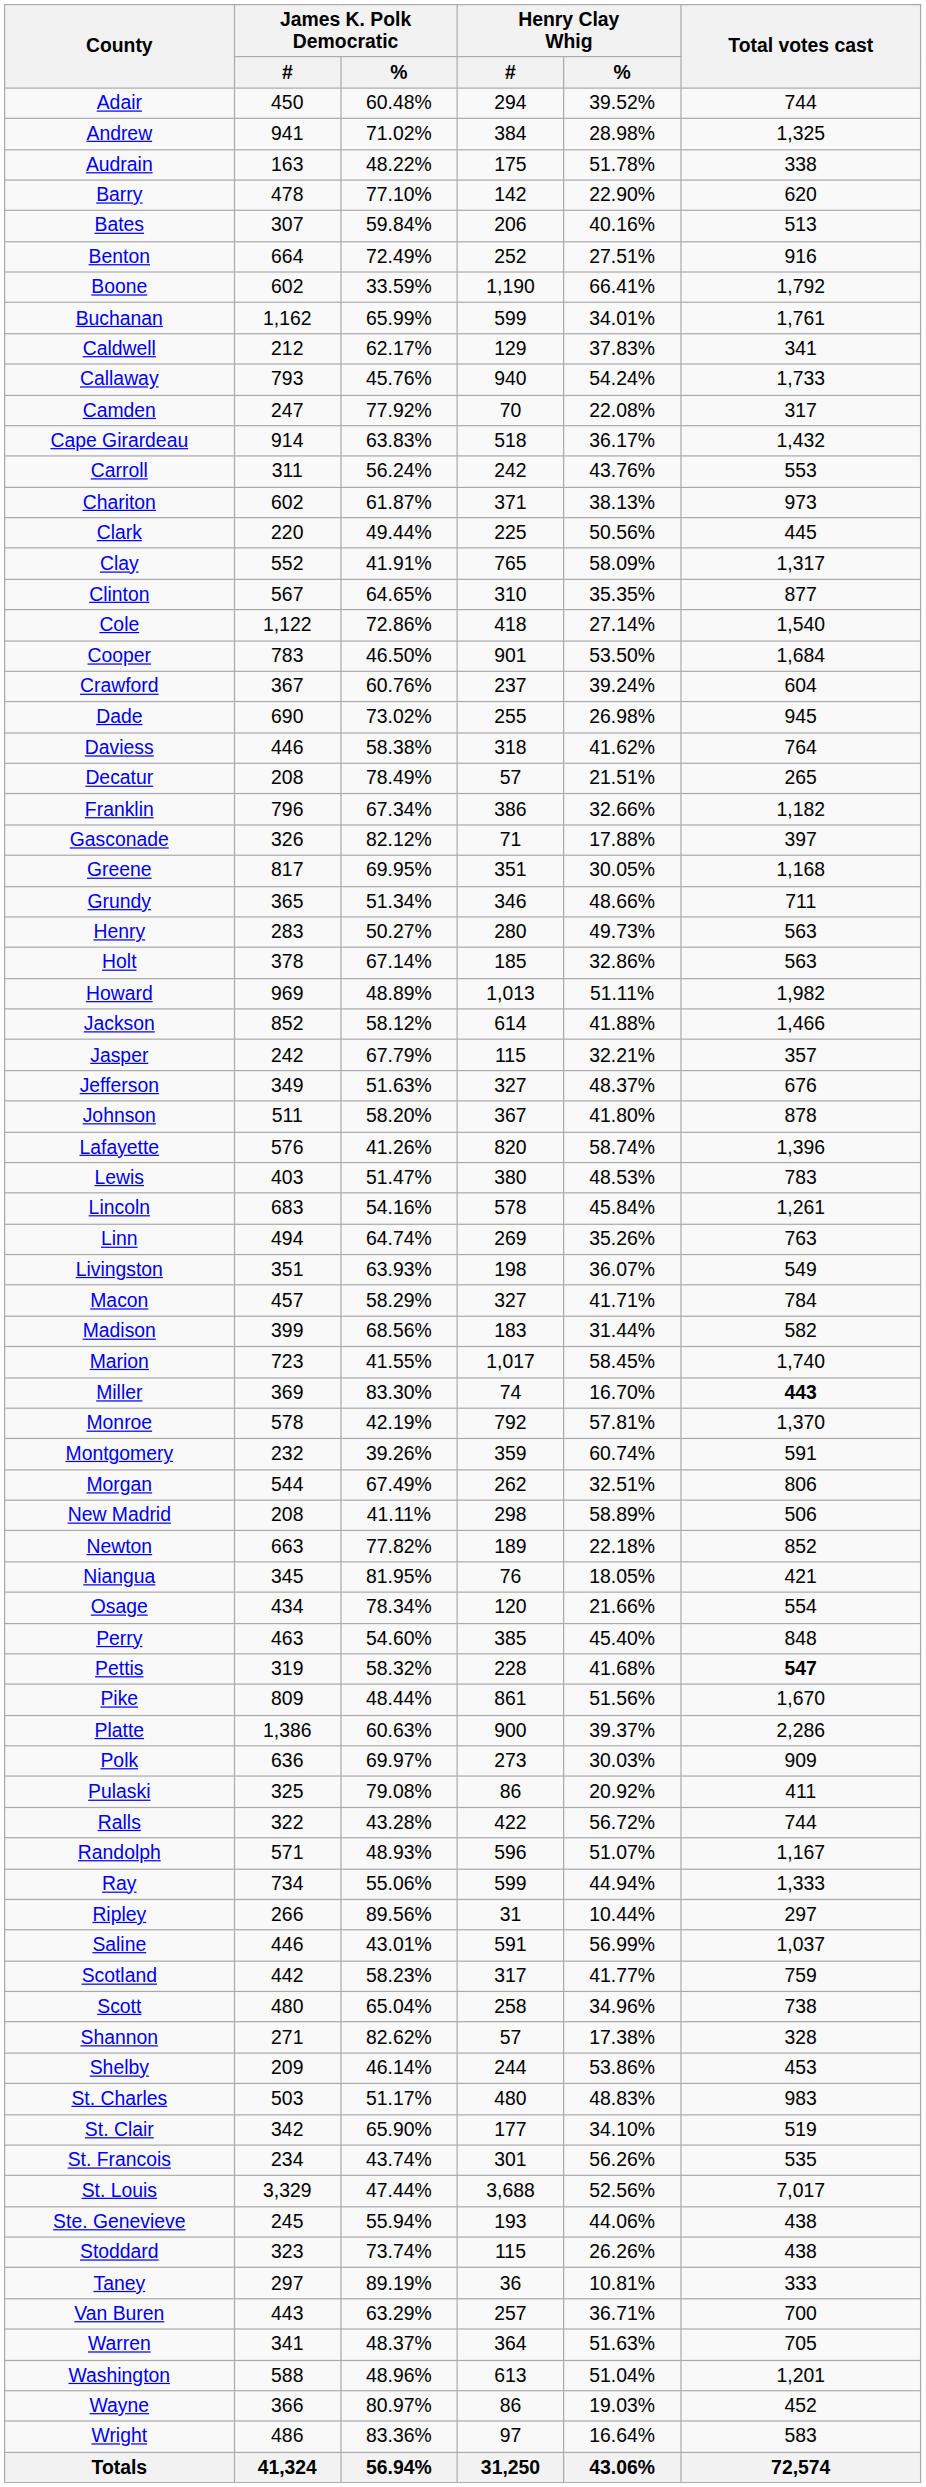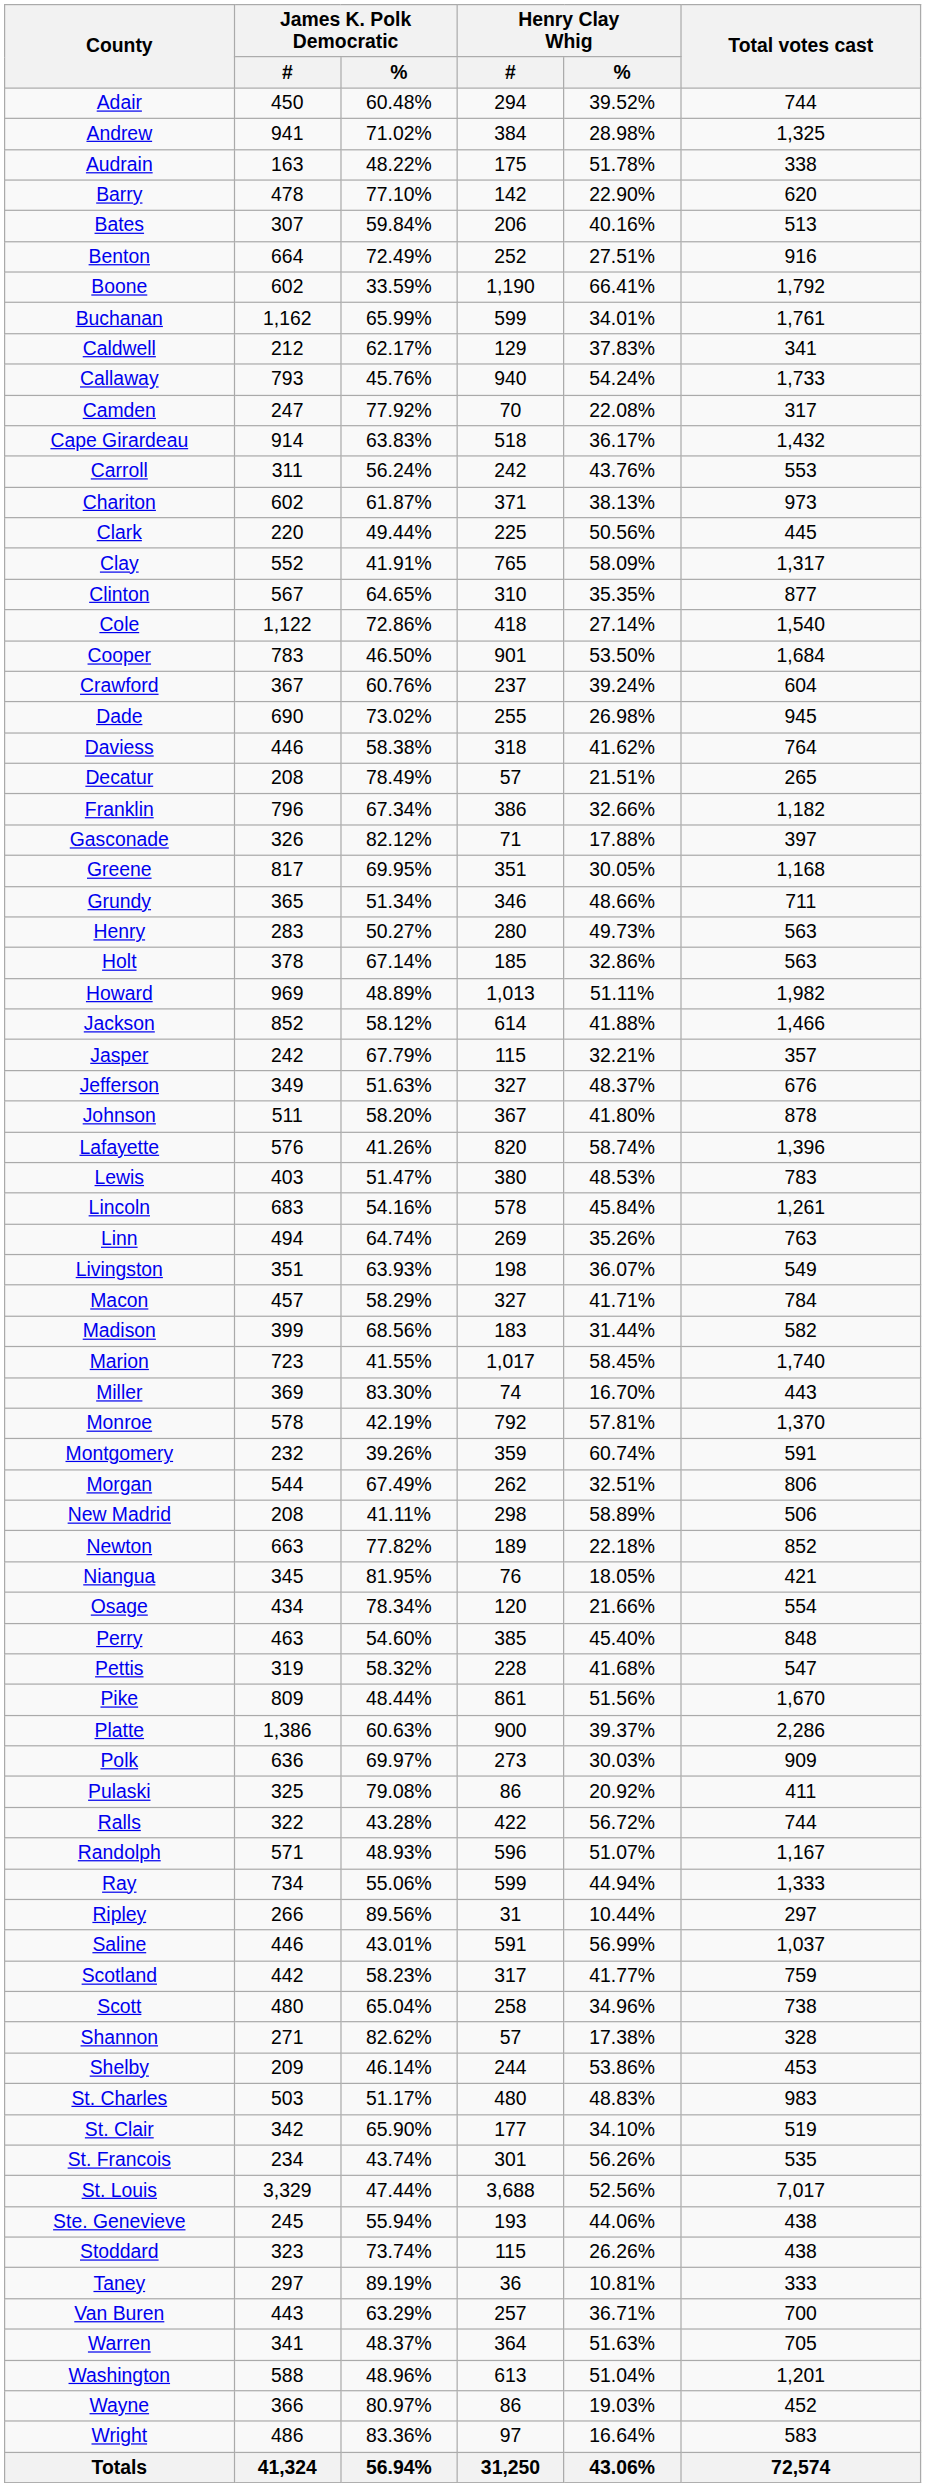 <table class="wikitable sortable mw-collapsible mw-collapsed" width="60%">
 <tr>
 <th rowspan="2">County</th>
 <th colspan="2">James K. Polk<br>Democratic</th>
 <th colspan="2">Henry Clay<br>Whig</th>
 <th rowspan="2">Total votes cast</th>
 </tr>
 <tr>
 <th data-sort-type="number" style="text-align:center;">#</th>
 <th data-sort-type="number" style="text-align:center;">%</th>
 <th data-sort-type="number" style="text-align:center;">#</th>
 <th data-sort-type="number" style="text-align:center;">%</th>
 </tr>
 <tr style="text-align:center;">
 <td><a href='#'>Adair</a></td>
 <td>450</td>
 <td>60.48%</td>
 <td>294</td>
 <td>39.52%</td>
 <td>744</td>
 </tr>
 <tr style="text-align:center;">
 <td><a href='#'>Andrew</a></td>
 <td>941</td>
 <td>71.02%</td>
 <td>384</td>
 <td>28.98%</td>
 <td>1,325</td>
 </tr>
 <tr style="text-align:center;">
 <td><a href='#'>Audrain</a></td>
 <td>163</td>
 <td>48.22%</td>
 <td>175</td>
 <td>51.78%</td>
 <td>338</td>
 </tr>
 <tr style="text-align:center;">
 <td><a href='#'>Barry</a></td>
 <td>478</td>
 <td>77.10%</td>
 <td>142</td>
 <td>22.90%</td>
 <td>620</td>
 </tr>
 <tr style="text-align:center;">
 <td><a href='#'>Bates</a></td>
 <td>307</td>
 <td>59.84%</td>
 <td>206</td>
 <td>40.16%</td>
 <td>513</td>
 </tr>
 <tr style="text-align:center;">
 <td><a href='#'>Benton</a></td>
 <td>664</td>
 <td>72.49%</td>
 <td>252</td>
 <td>27.51%</td>
 <td>916</td>
 </tr>
 <tr style="text-align:center;">
 <td><a href='#'>Boone</a></td>
 <td>602</td>
 <td>33.59%</td>
 <td>1,190</td>
 <td>66.41%</td>
 <td>1,792</td>
 </tr>
 <tr style="text-align:center;">
 <td><a href='#'>Buchanan</a></td>
 <td>1,162</td>
 <td>65.99%</td>
 <td>599</td>
 <td>34.01%</td>
 <td>1,761</td>
 </tr>
 <tr style="text-align:center;">
 <td><a href='#'>Caldwell</a></td>
 <td>212</td>
 <td>62.17%</td>
 <td>129</td>
 <td>37.83%</td>
 <td>341</td>
 </tr>
 <tr style="text-align:center;">
 <td><a href='#'>Callaway</a></td>
 <td>793</td>
 <td>45.76%</td>
 <td>940</td>
 <td>54.24%</td>
 <td>1,733</td>
 </tr>
 <tr style="text-align:center;">
 <td><a href='#'>Camden</a></td>
 <td>247</td>
 <td>77.92%</td>
 <td>70</td>
 <td>22.08%</td>
 <td>317</td>
 </tr>
 <tr style="text-align:center;">
 <td><a href='#'>Cape Girardeau</a></td>
 <td>914</td>
 <td>63.83%</td>
 <td>518</td>
 <td>36.17%</td>
 <td>1,432</td>
 </tr>
 <tr style="text-align:center;">
 <td><a href='#'>Carroll</a></td>
 <td>311</td>
 <td>56.24%</td>
 <td>242</td>
 <td>43.76%</td>
 <td>553</td>
 </tr>
 <tr style="text-align:center;">
 <td><a href='#'>Chariton</a></td>
 <td>602</td>
 <td>61.87%</td>
 <td>371</td>
 <td>38.13%</td>
 <td>973</td>
 </tr>
 <tr style="text-align:center;">
 <td><a href='#'>Clark</a></td>
 <td>220</td>
 <td>49.44%</td>
 <td>225</td>
 <td>50.56%</td>
 <td>445</td>
 </tr>
 <tr style="text-align:center;">
 <td><a href='#'>Clay</a></td>
 <td>552</td>
 <td>41.91%</td>
 <td>765</td>
 <td>58.09%</td>
 <td>1,317</td>
 </tr>
 <tr style="text-align:center;">
 <td><a href='#'>Clinton</a></td>
 <td>567</td>
 <td>64.65%</td>
 <td>310</td>
 <td>35.35%</td>
 <td>877</td>
 </tr>
 <tr style="text-align:center;">
 <td><a href='#'>Cole</a></td>
 <td>1,122</td>
 <td>72.86%</td>
 <td>418</td>
 <td>27.14%</td>
 <td>1,540</td>
 </tr>
 <tr style="text-align:center;">
 <td><a href='#'>Cooper</a></td>
 <td>783</td>
 <td>46.50%</td>
 <td>901</td>
 <td>53.50%</td>
 <td>1,684</td>
 </tr>
 <tr style="text-align:center;">
 <td><a href='#'>Crawford</a></td>
 <td>367</td>
 <td>60.76%</td>
 <td>237</td>
 <td>39.24%</td>
 <td>604</td>
 </tr>
 <tr style="text-align:center;">
 <td><a href='#'>Dade</a></td>
 <td>690</td>
 <td>73.02%</td>
 <td>255</td>
 <td>26.98%</td>
 <td>945</td>
 </tr>
 <tr style="text-align:center;">
 <td><a href='#'>Daviess</a></td>
 <td>446</td>
 <td>58.38%</td>
 <td>318</td>
 <td>41.62%</td>
 <td>764</td>
 </tr>
 <tr style="text-align:center;">
 <td><a href='#'>Decatur</a></td>
 <td>208</td>
 <td>78.49%</td>
 <td>57</td>
 <td>21.51%</td>
 <td>265</td>
 </tr>
 <tr style="text-align:center;">
 <td><a href='#'>Franklin</a></td>
 <td>796</td>
 <td>67.34%</td>
 <td>386</td>
 <td>32.66%</td>
 <td>1,182</td>
 </tr>
 <tr style="text-align:center;">
 <td><a href='#'>Gasconade</a></td>
 <td>326</td>
 <td>82.12%</td>
 <td>71</td>
 <td>17.88%</td>
 <td>397</td>
 </tr>
 <tr style="text-align:center;">
 <td><a href='#'>Greene</a></td>
 <td>817</td>
 <td>69.95%</td>
 <td>351</td>
 <td>30.05%</td>
 <td>1,168</td>
 </tr>
 <tr style="text-align:center;">
 <td><a href='#'>Grundy</a></td>
 <td>365</td>
 <td>51.34%</td>
 <td>346</td>
 <td>48.66%</td>
 <td>711</td>
 </tr>
 <tr style="text-align:center;">
 <td><a href='#'>Henry</a></td>
 <td>283</td>
 <td>50.27%</td>
 <td>280</td>
 <td>49.73%</td>
 <td>563</td>
 </tr>
 <tr style="text-align:center;">
 <td><a href='#'>Holt</a></td>
 <td>378</td>
 <td>67.14%</td>
 <td>185</td>
 <td>32.86%</td>
 <td>563</td>
 </tr>
 <tr style="text-align:center;">
 <td><a href='#'>Howard</a></td>
 <td>969</td>
 <td>48.89%</td>
 <td>1,013</td>
 <td>51.11%</td>
 <td>1,982</td>
 </tr>
 <tr style="text-align:center;">
 <td><a href='#'>Jackson</a></td>
 <td>852</td>
 <td>58.12%</td>
 <td>614</td>
 <td>41.88%</td>
 <td>1,466</td>
 </tr>
 <tr style="text-align:center;">
 <td><a href='#'>Jasper</a></td>
 <td>242</td>
 <td>67.79%</td>
 <td>115</td>
 <td>32.21%</td>
 <td>357</td>
 </tr>
 <tr style="text-align:center;">
 <td><a href='#'>Jefferson</a></td>
 <td>349</td>
 <td>51.63%</td>
 <td>327</td>
 <td>48.37%</td>
 <td>676</td>
 </tr>
 <tr style="text-align:center;">
 <td><a href='#'>Johnson</a></td>
 <td>511</td>
 <td>58.20%</td>
 <td>367</td>
 <td>41.80%</td>
 <td>878</td>
 </tr>
 <tr style="text-align:center;">
 <td><a href='#'>Lafayette</a></td>
 <td>576</td>
 <td>41.26%</td>
 <td>820</td>
 <td>58.74%</td>
 <td>1,396</td>
 </tr>
 <tr style="text-align:center;">
 <td><a href='#'>Lewis</a></td>
 <td>403</td>
 <td>51.47%</td>
 <td>380</td>
 <td>48.53%</td>
 <td>783</td>
 </tr>
 <tr style="text-align:center;">
 <td><a href='#'>Lincoln</a></td>
 <td>683</td>
 <td>54.16%</td>
 <td>578</td>
 <td>45.84%</td>
 <td>1,261</td>
 </tr>
 <tr style="text-align:center;">
 <td><a href='#'>Linn</a></td>
 <td>494</td>
 <td>64.74%</td>
 <td>269</td>
 <td>35.26%</td>
 <td>763</td>
 </tr>
 <tr style="text-align:center;">
 <td><a href='#'>Livingston</a></td>
 <td>351</td>
 <td>63.93%</td>
 <td>198</td>
 <td>36.07%</td>
 <td>549</td>
 </tr>
 <tr style="text-align:center;">
 <td><a href='#'>Macon</a></td>
 <td>457</td>
 <td>58.29%</td>
 <td>327</td>
 <td>41.71%</td>
 <td>784</td>
 </tr>
 <tr style="text-align:center;">
 <td><a href='#'>Madison</a></td>
 <td>399</td>
 <td>68.56%</td>
 <td>183</td>
 <td>31.44%</td>
 <td>582</td>
 </tr>
 <tr style="text-align:center;">
 <td><a href='#'>Marion</a></td>
 <td>723</td>
 <td>41.55%</td>
 <td>1,017</td>
 <td>58.45%</td>
 <td>1,740</td>
 </tr>
 <tr style="text-align:center;">
 <td><a href='#'>Miller</a></td>
 <td>369</td>
 <td>83.30%</td>
 <td>74</td>
 <td>16.70%</td>
-<td><strong>443</strong></td>
+<td>443</td>
 </tr>
 <tr style="text-align:center;">
 <td><a href='#'>Monroe</a></td>
 <td>578</td>
 <td>42.19%</td>
 <td>792</td>
 <td>57.81%</td>
 <td>1,370</td>
 </tr>
 <tr style="text-align:center;">
 <td><a href='#'>Montgomery</a></td>
 <td>232</td>
 <td>39.26%</td>
 <td>359</td>
 <td>60.74%</td>
 <td>591</td>
 </tr>
 <tr style="text-align:center;">
 <td><a href='#'>Morgan</a></td>
 <td>544</td>
 <td>67.49%</td>
 <td>262</td>
 <td>32.51%</td>
 <td>806</td>
 </tr>
 <tr style="text-align:center;">
 <td><a href='#'>New Madrid</a></td>
 <td>208</td>
 <td>41.11%</td>
 <td>298</td>
 <td>58.89%</td>
 <td>506</td>
 </tr>
 <tr style="text-align:center;">
 <td><a href='#'>Newton</a></td>
 <td>663</td>
 <td>77.82%</td>
 <td>189</td>
 <td>22.18%</td>
 <td>852</td>
 </tr>
 <tr style="text-align:center;">
 <td><a href='#'>Niangua</a></td>
 <td>345</td>
 <td>81.95%</td>
 <td>76</td>
 <td>18.05%</td>
 <td>421</td>
 </tr>
 <tr style="text-align:center;">
 <td><a href='#'>Osage</a></td>
 <td>434</td>
 <td>78.34%</td>
 <td>120</td>
 <td>21.66%</td>
 <td>554</td>
 </tr>
 <tr style="text-align:center;">
 <td><a href='#'>Perry</a></td>
 <td>463</td>
 <td>54.60%</td>
 <td>385</td>
 <td>45.40%</td>
 <td>848</td>
 </tr>
 <tr style="text-align:center;">
 <td><a href='#'>Pettis</a></td>
 <td>319</td>
 <td>58.32%</td>
 <td>228</td>
 <td>41.68%</td>
-<td><strong>547</strong></td>
+<td>547</td>
 </tr>
 <tr style="text-align:center;">
 <td><a href='#'>Pike</a></td>
 <td>809</td>
 <td>48.44%</td>
 <td>861</td>
 <td>51.56%</td>
 <td>1,670</td>
 </tr>
 <tr style="text-align:center;">
 <td><a href='#'>Platte</a></td>
 <td>1,386</td>
 <td>60.63%</td>
 <td>900</td>
 <td>39.37%</td>
 <td>2,286</td>
 </tr>
 <tr style="text-align:center;">
 <td><a href='#'>Polk</a></td>
 <td>636</td>
 <td>69.97%</td>
 <td>273</td>
 <td>30.03%</td>
 <td>909</td>
 </tr>
 <tr style="text-align:center;">
 <td><a href='#'>Pulaski</a></td>
 <td>325</td>
 <td>79.08%</td>
 <td>86</td>
 <td>20.92%</td>
 <td>411</td>
 </tr>
 <tr style="text-align:center;">
 <td><a href='#'>Ralls</a></td>
 <td>322</td>
 <td>43.28%</td>
 <td>422</td>
 <td>56.72%</td>
 <td>744</td>
 </tr>
 <tr style="text-align:center;">
 <td><a href='#'>Randolph</a></td>
 <td>571</td>
 <td>48.93%</td>
 <td>596</td>
 <td>51.07%</td>
 <td>1,167</td>
 </tr>
 <tr style="text-align:center;">
 <td><a href='#'>Ray</a></td>
 <td>734</td>
 <td>55.06%</td>
 <td>599</td>
 <td>44.94%</td>
 <td>1,333</td>
 </tr>
 <tr style="text-align:center;">
 <td><a href='#'>Ripley</a></td>
 <td>266</td>
 <td>89.56%</td>
 <td>31</td>
 <td>10.44%</td>
 <td>297</td>
 </tr>
 <tr style="text-align:center;">
 <td><a href='#'>Saline</a></td>
 <td>446</td>
 <td>43.01%</td>
 <td>591</td>
 <td>56.99%</td>
 <td>1,037</td>
 </tr>
 <tr style="text-align:center;">
 <td><a href='#'>Scotland</a></td>
 <td>442</td>
 <td>58.23%</td>
 <td>317</td>
 <td>41.77%</td>
 <td>759</td>
 </tr>
 <tr style="text-align:center;">
 <td><a href='#'>Scott</a></td>
 <td>480</td>
 <td>65.04%</td>
 <td>258</td>
 <td>34.96%</td>
 <td>738</td>
 </tr>
 <tr style="text-align:center;">
 <td><a href='#'>Shannon</a></td>
 <td>271</td>
 <td>82.62%</td>
 <td>57</td>
 <td>17.38%</td>
 <td>328</td>
 </tr>
 <tr style="text-align:center;">
 <td><a href='#'>Shelby</a></td>
 <td>209</td>
 <td>46.14%</td>
 <td>244</td>
 <td>53.86%</td>
 <td>453</td>
 </tr>
 <tr style="text-align:center;">
 <td><a href='#'>St. Charles</a></td>
 <td>503</td>
 <td>51.17%</td>
 <td>480</td>
 <td>48.83%</td>
 <td>983</td>
 </tr>
 <tr style="text-align:center;">
 <td><a href='#'>St. Clair</a></td>
 <td>342</td>
 <td>65.90%</td>
 <td>177</td>
 <td>34.10%</td>
 <td>519</td>
 </tr>
 <tr style="text-align:center;">
 <td><a href='#'>St. Francois</a></td>
 <td>234</td>
 <td>43.74%</td>
 <td>301</td>
 <td>56.26%</td>
 <td>535</td>
 </tr>
 <tr style="text-align:center;">
 <td><a href='#'>St. Louis</a></td>
 <td>3,329</td>
 <td>47.44%</td>
 <td>3,688</td>
 <td>52.56%</td>
 <td>7,017</td>
 </tr>
 <tr style="text-align:center;">
 <td><a href='#'>Ste. Genevieve</a></td>
 <td>245</td>
 <td>55.94%</td>
 <td>193</td>
 <td>44.06%</td>
 <td>438</td>
 </tr>
 <tr style="text-align:center;">
 <td><a href='#'>Stoddard</a></td>
 <td>323</td>
 <td>73.74%</td>
 <td>115</td>
 <td>26.26%</td>
 <td>438</td>
 </tr>
 <tr style="text-align:center;">
 <td><a href='#'>Taney</a></td>
 <td>297</td>
 <td>89.19%</td>
 <td>36</td>
 <td>10.81%</td>
 <td>333</td>
 </tr>
 <tr style="text-align:center;">
 <td><a href='#'>Van Buren</a></td>
 <td>443</td>
 <td>63.29%</td>
 <td>257</td>
 <td>36.71%</td>
 <td>700</td>
 </tr>
 <tr style="text-align:center;">
 <td><a href='#'>Warren</a></td>
 <td>341</td>
 <td>48.37%</td>
 <td>364</td>
 <td>51.63%</td>
 <td>705</td>
 </tr>
 <tr style="text-align:center;">
 <td><a href='#'>Washington</a></td>
 <td>588</td>
 <td>48.96%</td>
 <td>613</td>
 <td>51.04%</td>
 <td>1,201</td>
 </tr>
 <tr style="text-align:center;">
 <td><a href='#'>Wayne</a></td>
 <td>366</td>
 <td>80.97%</td>
 <td>86</td>
 <td>19.03%</td>
 <td>452</td>
 </tr>
 <tr style="text-align:center;">
 <td><a href='#'>Wright</a></td>
 <td>486</td>
 <td>83.36%</td>
 <td>97</td>
 <td>16.64%</td>
 <td>583</td>
 </tr>
 <tr>
 <th>Totals</th>
 <th>41,324</th>
 <th>56.94%</th>
 <th>31,250</th>
 <th>43.06%</th>
 <th>72,574</th>
 </tr>
 </table>
